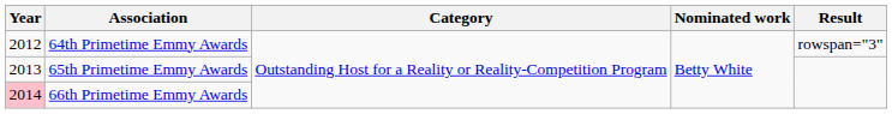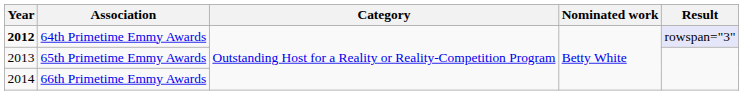 <table class="wikitable" border="1">
 <tr>
 <th>Year</th>
 <th>Association</th>
 <th>Category</th>
 <th>Nominated work</th>
 <th>Result</th>
 </tr>
 <tr>
-<td>2012</td>
+<td><strong>2012</strong></td>
 <td><a href='#'>64th Primetime Emmy Awards</a></td>
 <td rowspan="3"><a href='#'>Outstanding Host for a Reality or Reality-Competition Program</a></td>
 <td rowspan="3"><a href='#'>Betty White</a></td>
-<td>rowspan="3" </td>
+<td style="background: lavender;">rowspan="3" </td>
 </tr>
 <tr>
 <td>2013</td>
 <td><a href='#'>65th Primetime Emmy Awards</a></td>
 </tr>
 <tr>
-<td style="background: pink;">2014</td>
+<td>2014</td>
 <td><a href='#'>66th Primetime Emmy Awards</a></td>
 </tr>
 </table>
